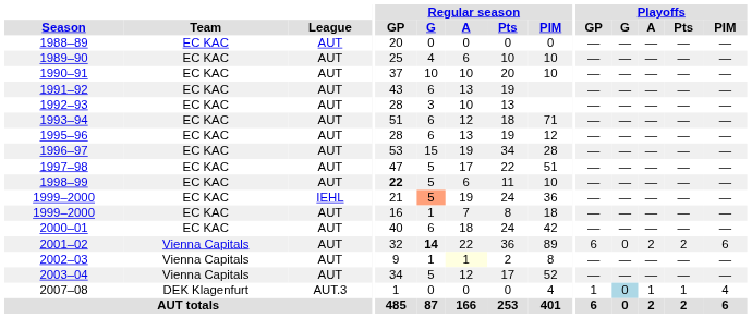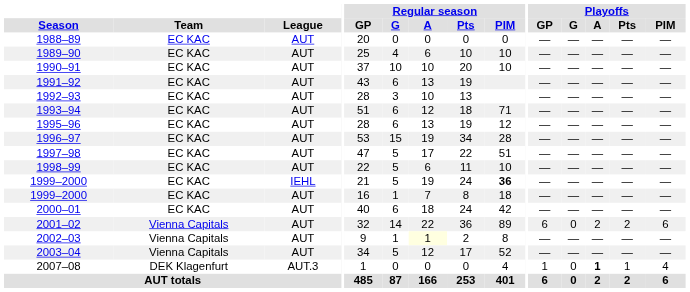 <table border="0" cellpadding="1" cellspacing="0" style="text-align:center; width:60em">
 <tr bgcolor="#e0e0e0">
 <th colspan="3" bgcolor="#ffffff"></th>
 <th rowspan="99" bgcolor="#ffffff"></th>
 <th colspan="5"><a href='#'>Regular season</a></th>
 <th rowspan="99" bgcolor="#ffffff"></th>
 <th colspan="5"><a href='#'>Playoffs</a></th>
 </tr>
 <tr bgcolor="#e0e0e0">
 <th><a href='#'>Season</a></th>
 <th>Team</th>
 <th>League</th>
 <th>GP</th>
 <th><a href='#'>G</a></th>
 <th><a href='#'>A</a></th>
 <th><a href='#'>Pts</a></th>
 <th><a href='#'>PIM</a></th>
 <th>GP</th>
 <th>G</th>
 <th>A</th>
 <th>Pts</th>
 <th>PIM</th>
 </tr>
 <tr>
 <td><a href='#'>1988–89</a></td>
 <td><a href='#'>EC KAC</a></td>
 <td><a href='#'>AUT</a></td>
 <td>20</td>
 <td>0</td>
 <td>0</td>
 <td>0</td>
 <td>0</td>
 <td>—</td>
 <td>—</td>
 <td>—</td>
 <td>—</td>
 <td>—</td>
 </tr>
 <tr bgcolor="#f0f0f0">
 <td><a href='#'>1989–90</a></td>
 <td>EC KAC</td>
 <td>AUT</td>
 <td>25</td>
 <td>4</td>
 <td>6</td>
 <td>10</td>
 <td>10</td>
 <td>—</td>
 <td>—</td>
 <td>—</td>
 <td>—</td>
 <td>—</td>
 </tr>
 <tr>
 <td><a href='#'>1990–91</a></td>
 <td>EC KAC</td>
 <td>AUT</td>
 <td>37</td>
 <td>10</td>
 <td>10</td>
 <td>20</td>
 <td>10</td>
 <td>—</td>
 <td>—</td>
 <td>—</td>
 <td>—</td>
 <td>—</td>
 </tr>
 <tr bgcolor="#f0f0f0">
 <td><a href='#'>1991–92</a></td>
 <td>EC KAC</td>
 <td>AUT</td>
 <td>43</td>
 <td>6</td>
 <td>13</td>
 <td>19</td>
 <td></td>
 <td>—</td>
 <td>—</td>
 <td>—</td>
 <td>—</td>
 <td>—</td>
 </tr>
 <tr>
 <td><a href='#'>1992–93</a></td>
 <td>EC KAC</td>
 <td>AUT</td>
 <td>28</td>
 <td>3</td>
 <td>10</td>
 <td>13</td>
 <td></td>
 <td>—</td>
 <td>—</td>
 <td>—</td>
 <td>—</td>
 <td>—</td>
 </tr>
 <tr bgcolor="#f0f0f0">
 <td><a href='#'>1993–94</a></td>
 <td>EC KAC</td>
 <td>AUT</td>
 <td>51</td>
 <td>6</td>
 <td>12</td>
 <td>18</td>
 <td>71</td>
 <td>—</td>
 <td>—</td>
 <td>—</td>
 <td>—</td>
 <td>—</td>
 </tr>
 <tr>
 <td><a href='#'>1995–96</a></td>
 <td>EC KAC</td>
 <td>AUT</td>
 <td>28</td>
 <td>6</td>
 <td>13</td>
 <td>19</td>
 <td>12</td>
 <td>—</td>
 <td>—</td>
 <td>—</td>
 <td>—</td>
 <td>—</td>
 </tr>
 <tr bgcolor="#f0f0f0">
 <td><a href='#'>1996–97</a></td>
 <td>EC KAC</td>
 <td>AUT</td>
 <td>53</td>
 <td>15</td>
 <td>19</td>
 <td>34</td>
 <td>28</td>
 <td>—</td>
 <td>—</td>
 <td>—</td>
 <td>—</td>
 <td>—</td>
 </tr>
 <tr>
 <td><a href='#'>1997–98</a></td>
 <td>EC KAC</td>
 <td>AUT</td>
 <td>47</td>
 <td>5</td>
 <td>17</td>
 <td>22</td>
 <td>51</td>
 <td>—</td>
 <td>—</td>
 <td>—</td>
 <td>—</td>
 <td>—</td>
 </tr>
 <tr bgcolor="#f0f0f0">
 <td><a href='#'>1998–99</a></td>
 <td>EC KAC</td>
 <td>AUT</td>
-<td><strong>22</strong></td>
+<td>22</td>
 <td>5</td>
 <td>6</td>
 <td>11</td>
 <td>10</td>
 <td>—</td>
 <td>—</td>
 <td>—</td>
 <td>—</td>
 <td>—</td>
 </tr>
 <tr>
 <td><a href='#'>1999–2000</a></td>
 <td>EC KAC</td>
 <td><a href='#'>IEHL</a></td>
 <td>21</td>
-<td style="background: lightsalmon;">5</td>
+<td>5</td>
 <td>19</td>
 <td>24</td>
-<td>36</td>
+<td><strong>36</strong></td>
 <td>—</td>
 <td>—</td>
 <td>—</td>
 <td>—</td>
 <td>—</td>
 </tr>
 <tr bgcolor="#f0f0f0">
 <td><a href='#'>1999–2000</a></td>
 <td>EC KAC</td>
 <td>AUT</td>
 <td>16</td>
 <td>1</td>
 <td>7</td>
 <td>8</td>
 <td>18</td>
 <td>—</td>
 <td>—</td>
 <td>—</td>
 <td>—</td>
 <td>—</td>
 </tr>
 <tr>
 <td><a href='#'>2000–01</a></td>
 <td>EC KAC</td>
 <td>AUT</td>
 <td>40</td>
 <td>6</td>
 <td>18</td>
 <td>24</td>
 <td>42</td>
 <td>—</td>
 <td>—</td>
 <td>—</td>
 <td>—</td>
 <td>—</td>
 </tr>
 <tr bgcolor="#f0f0f0">
 <td><a href='#'>2001–02</a></td>
 <td><a href='#'>Vienna Capitals</a></td>
 <td>AUT</td>
 <td>32</td>
-<td><strong>14</strong></td>
+<td>14</td>
 <td>22</td>
 <td>36</td>
 <td>89</td>
 <td>6</td>
 <td>0</td>
 <td>2</td>
 <td>2</td>
 <td>6</td>
 </tr>
 <tr>
 <td><a href='#'>2002–03</a></td>
 <td>Vienna Capitals</td>
 <td>AUT</td>
 <td>9</td>
 <td>1</td>
 <td style="background: lightyellow;">1</td>
 <td>2</td>
 <td>8</td>
 <td>—</td>
 <td>—</td>
 <td>—</td>
 <td>—</td>
 <td>—</td>
 </tr>
 <tr bgcolor="#f0f0f0">
 <td><a href='#'>2003–04</a></td>
 <td>Vienna Capitals</td>
 <td>AUT</td>
 <td>34</td>
 <td>5</td>
 <td>12</td>
 <td>17</td>
 <td>52</td>
 <td>—</td>
 <td>—</td>
 <td>—</td>
 <td>—</td>
 <td>—</td>
 </tr>
 <tr>
 <td>2007–08</td>
 <td>DEK Klagenfurt</td>
 <td>AUT.3</td>
 <td>1</td>
 <td>0</td>
 <td>0</td>
 <td>0</td>
 <td>4</td>
 <td>1</td>
-<td style="background: lightblue;">0</td>
-<td>1</td>
+<td>0</td>
+<td><strong>1</strong></td>
 <td>1</td>
 <td>4</td>
 </tr>
 <tr bgcolor="#e0e0e0">
 <th colspan="3">AUT totals</th>
 <th>485</th>
 <th>87</th>
 <th>166</th>
 <th>253</th>
 <th>401</th>
 <th>6</th>
 <th>0</th>
 <th>2</th>
 <th>2</th>
 <th>6</th>
 </tr>
 </table>
